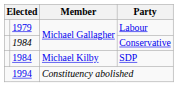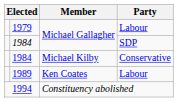 <table class="wikitable">
 <tr>
 <th colspan = "2">Elected</th>
 <th>Member</th>
 <th>Party</th>
 </tr>
 <tr>
 <td style="background-color: "></td>
 <td><a href='#'>1979</a></td>
 <td rowspan=2><a href='#'>Michael Gallagher</a></td>
 <td><a href='#'>Labour</a></td>
 </tr>
 <tr>
 <td style="background-color: "></td>
 <td><em>1984</em></td>
-<td><a href='#'>Conservative</a></td>
+<td><a href='#'>SDP</a></td>
 </tr>
 <tr>
 <td style="background-color: "></td>
 <td><a href='#'>1984</a></td>
 <td><a href='#'>Michael Kilby</a></td>
-<td><a href='#'>SDP</a></td>
+<td><a href='#'>Conservative</a></td>
+</tr>
+<tr>
+<td style="background-color: "></td>
+<td><a href='#'>1989</a></td>
+<td><a href='#'>Ken Coates</a></td>
+<td><a href='#'>Labour</a></td>
 </tr>
 <tr>
 <td colspan="2" align="center"><a href='#'>1994</a></td>
 <td colspan="2"><em>Constituency abolished</em></td>
 </tr>
 </table>
